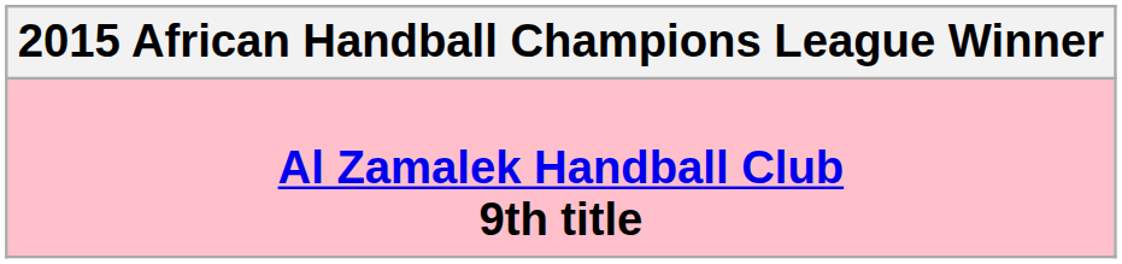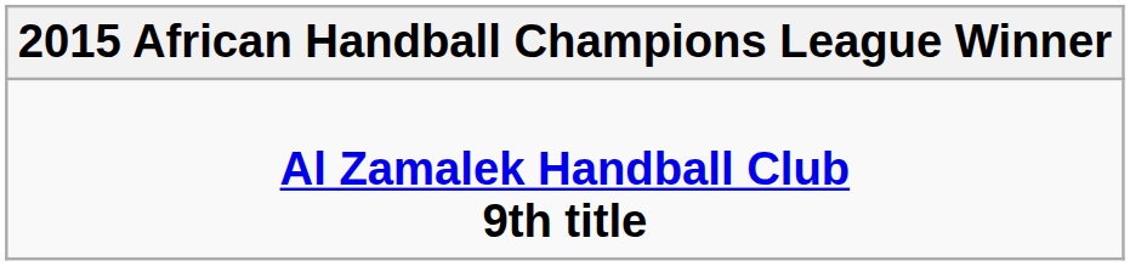 <table class=wikitable style="text-align:center; margin:auto">
 <tr>
 <th>2015 African Handball Champions League Winner</th>
 </tr>
 <tr>
-<td style="background: pink;"><br><strong><a href='#'>Al Zamalek Handball Club</a></strong><br><strong>9th title</strong></td>
+<td><br><strong><a href='#'>Al Zamalek Handball Club</a></strong><br><strong>9th title</strong></td>
 </tr>
 </table>
